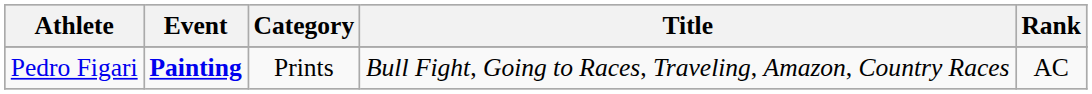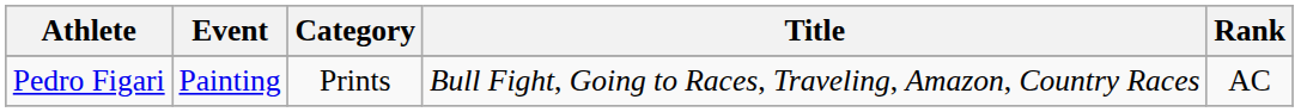 <table class="wikitable" style="font-size:95%">
 <tr>
 <th rowspan="1">Athlete</th>
 <th rowspan="1">Event</th>
 <th colspan="1">Category</th>
 <th colspan=1>Title</th>
 <th colspan=1>Rank</th>
 </tr>
 <tr style="font-size:95%">
 </tr>
 <tr align=center>
 <td align=left><a href='#'>Pedro Figari</a></td>
-<td align=left><strong><a href='#'>Painting</a></strong></td>
+<td align=left><a href='#'>Painting</a></td>
 <td>Prints</td>
 <td><em>Bull Fight</em>, <em>Going to Races</em>, <em>Traveling</em>, <em>Amazon</em>, <em>Country Races</em></td>
 <td>AC</td>
 </tr>
 </table>
